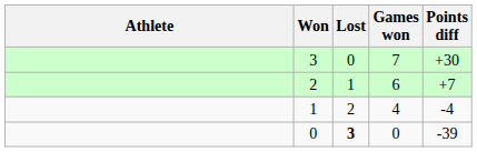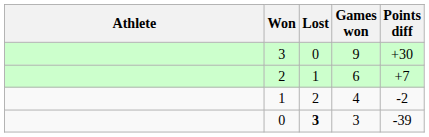 <table class="wikitable">
 <tr>
 <th style="width:18em">Athlete</th>
 <th>Won</th>
 <th>Lost</th>
 <th>Games<br>won</th>
 <th>Points<br>diff</th>
 </tr>
 <tr bgcolor="#ccffcc">
 <td></td>
 <td align="center">3</td>
 <td align="center">0</td>
-<td align="center">7</td>
+<td align="center">9</td>
 <td align="center">+30</td>
 </tr>
 <tr bgcolor="#ccffcc">
 <td></td>
 <td align="center">2</td>
 <td align="center">1</td>
 <td align="center">6</td>
 <td align="center">+7</td>
 </tr>
 <tr>
 <td></td>
 <td align="center">1</td>
 <td align="center">2</td>
 <td align="center">4</td>
-<td align="center">-4</td>
+<td align="center">-2</td>
 </tr>
 <tr>
 <td></td>
 <td align="center">0</td>
 <td align="center"><strong>3</strong></td>
-<td align="center">0</td>
+<td align="center">3</td>
 <td align="center">-39</td>
 </tr>
 </table>
